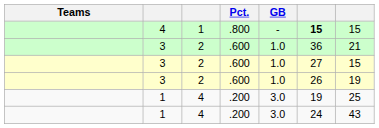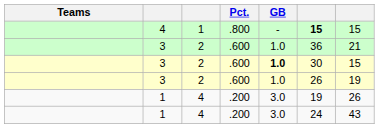 <table class="wikitable" style="text-align:center;">
 <tr>
 <th width=200px>Teams</th>
 <th width=50px></th>
 <th width=50px></th>
 <th width=50px><a href='#'>Pct.</a></th>
 <th width=50px><a href='#'>GB</a></th>
 <th width=50px></th>
 <th width=50px></th>
 </tr>
 <tr style="background-color:#ccffcc">
 <td align=left></td>
 <td>4</td>
 <td>1</td>
 <td>.800</td>
 <td>-</td>
 <td><strong>15</strong></td>
 <td>15</td>
 </tr>
 <tr style="background-color:#ccffcc">
 <td align=left></td>
 <td>3</td>
 <td>2</td>
 <td>.600</td>
 <td>1.0</td>
 <td>36</td>
 <td>21</td>
 </tr>
 <tr style="background-color:#ffffcc">
 <td align=left></td>
 <td>3</td>
 <td>2</td>
 <td>.600</td>
-<td>1.0</td>
-<td>27</td>
+<td><strong>1.0</strong></td>
+<td>30</td>
 <td>15</td>
 </tr>
 <tr style="background-color:#ffffcc">
 <td align=left></td>
 <td>3</td>
 <td>2</td>
 <td>.600</td>
 <td>1.0</td>
 <td>26</td>
 <td>19</td>
 </tr>
 <tr style="background-color:">
 <td align=left></td>
 <td>1</td>
 <td>4</td>
 <td>.200</td>
 <td>3.0</td>
 <td>19</td>
-<td>25</td>
+<td>26</td>
 </tr>
 <tr style="background-color:">
 <td align=left></td>
 <td>1</td>
 <td>4</td>
 <td>.200</td>
 <td>3.0</td>
 <td>24</td>
 <td>43</td>
 </tr>
 </table>
